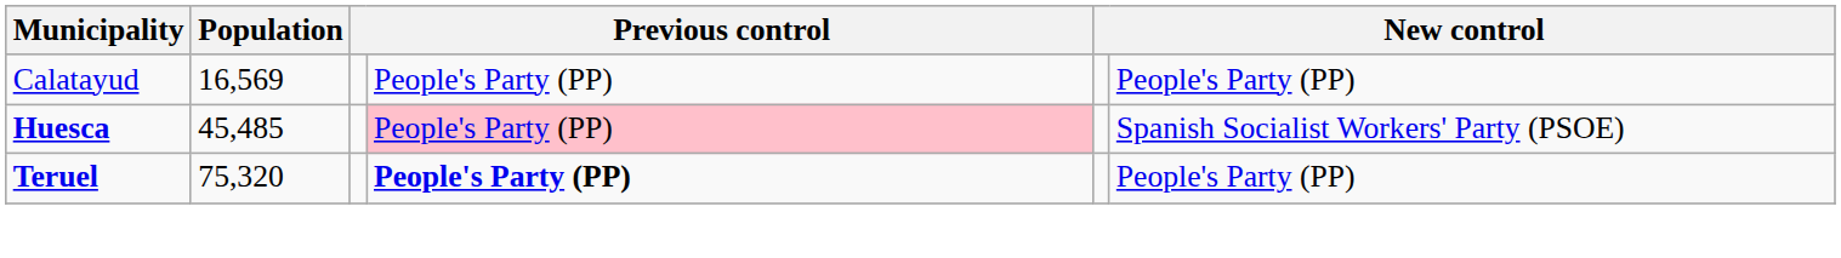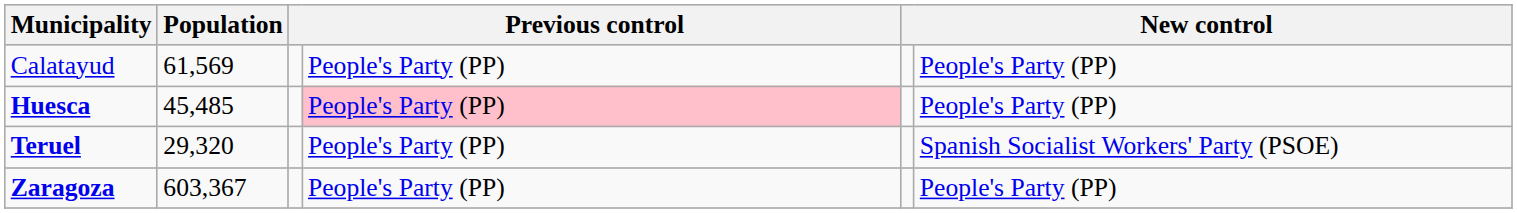 <table class="wikitable sortable">
 <tr>
 <th>Municipality</th>
 <th>Population</th>
 <th colspan="2" style="width:375px;">Previous control</th>
 <th colspan="2" style="width:375px;">New control</th>
 </tr>
 <tr>
 <td><a href='#'>Calatayud</a></td>
-<td>16,569</td>
+<td>61,569</td>
 <td width="1" style="color:inherit;background:"></td>
 <td><a href='#'>People's Party</a> (PP)</td>
 <td width="1" style="color:inherit;background:"></td>
 <td><a href='#'>People's Party</a> (PP)</td>
 </tr>
 <tr>
 <td><strong><a href='#'>Huesca</a></strong></td>
 <td>45,485</td>
 <td style="color:inherit;background:"></td>
 <td style="background: pink;"><a href='#'>People's Party</a> (PP)</td>
 <td style="color:inherit;background:"></td>
+<td><a href='#'>People's Party</a> (PP)</td>
+</tr>
+<tr>
+<td><strong><a href='#'>Teruel</a></strong></td>
+<td>29,320</td>
+<td style="color:inherit;background:"></td>
+<td><a href='#'>People's Party</a> (PP)</td>
+<td style="color:inherit;background:"></td>
 <td><a href='#'>Spanish Socialist Workers' Party</a> (PSOE)</td>
 </tr>
 <tr>
-<td><strong><a href='#'>Teruel</a></strong></td>
-<td>75,320</td>
+<td><strong><a href='#'>Zaragoza</a></strong></td>
+<td>603,367</td>
 <td style="color:inherit;background:"></td>
-<td><strong><a href='#'>People's Party</a> (PP)</strong></td>
+<td><a href='#'>People's Party</a> (PP)</td>
 <td style="color:inherit;background:"></td>
 <td><a href='#'>People's Party</a> (PP)</td>
 </tr>
 </table>
